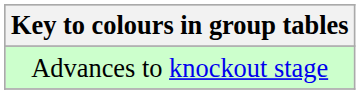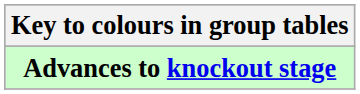 <table class="wikitable">
 <tr>
 <th>Key to colours in group tables</th>
 </tr>
 <tr bgcolor=ccffcc>
-<td align=center>Advances to <a href='#'>knockout stage</a></td>
+<td align=center><strong>Advances to <a href='#'>knockout stage</a></strong></td>
 </tr>
 </table>
